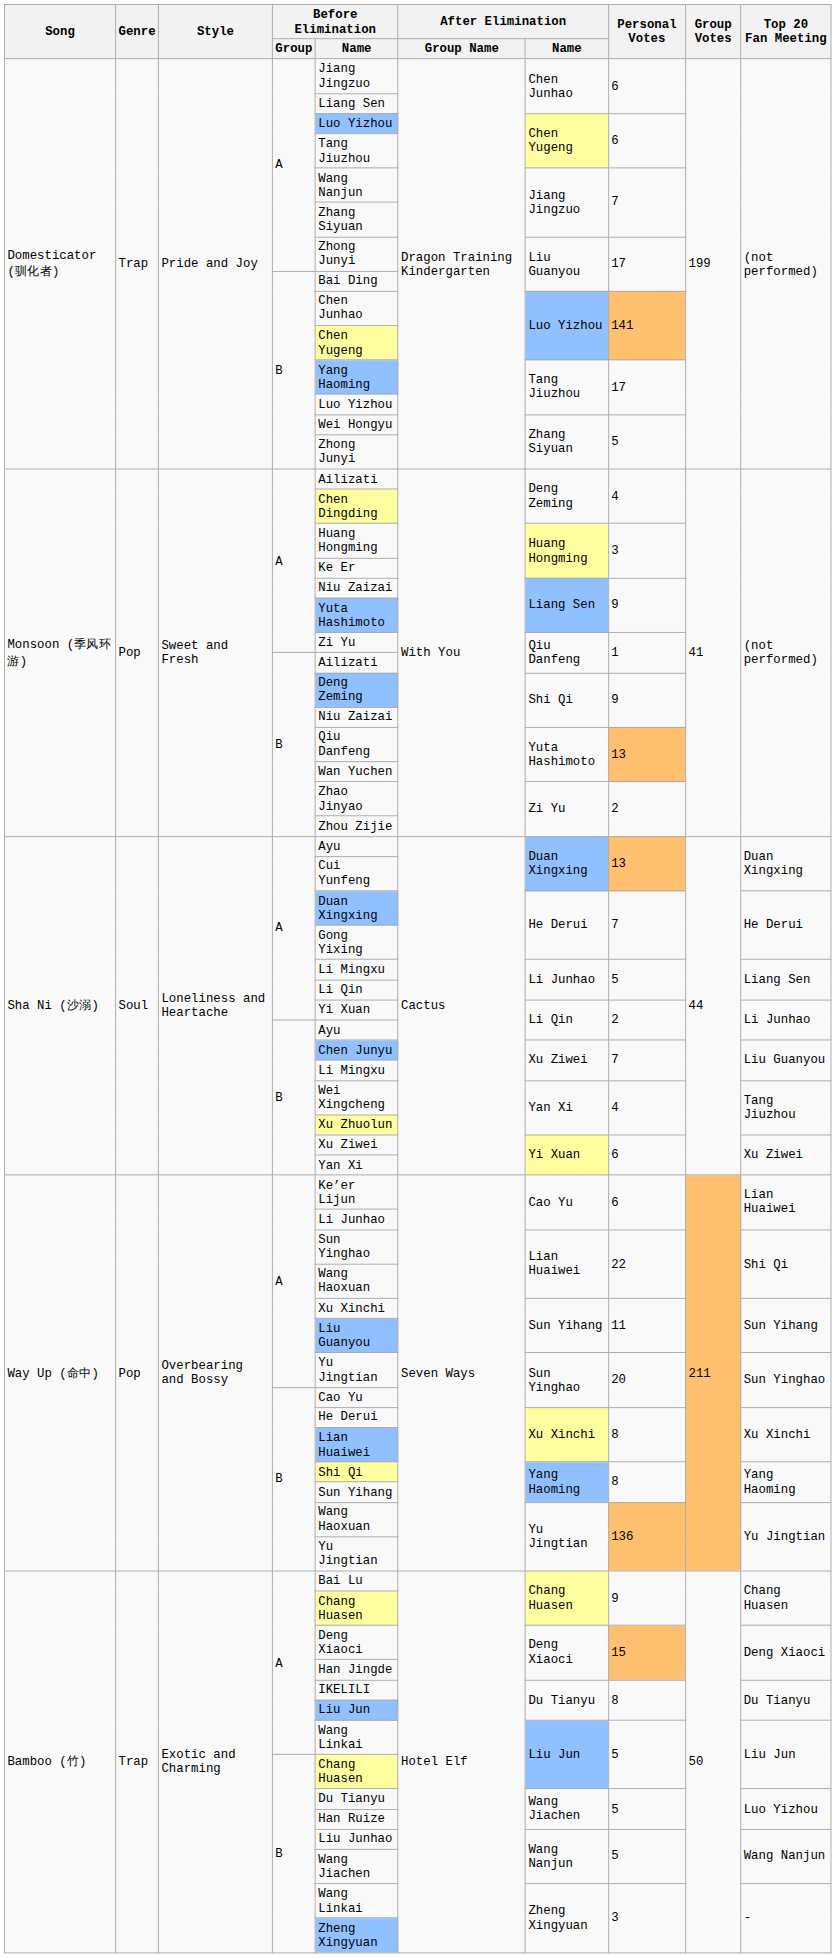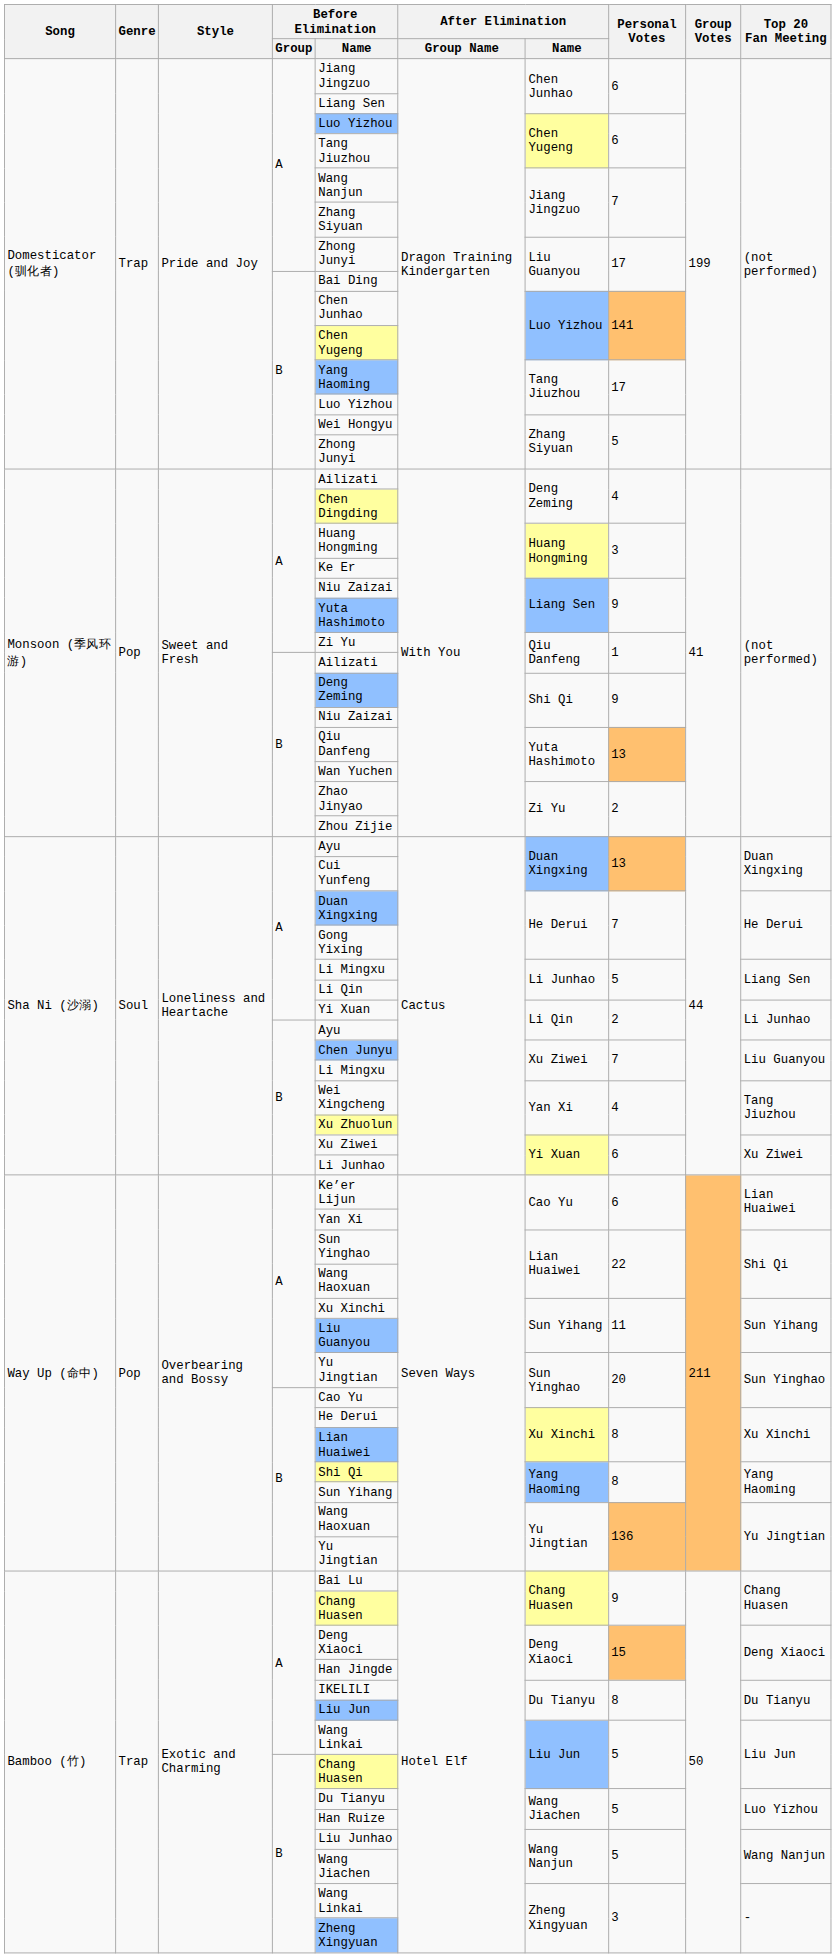 <table class="wikitable sortable mw-collapsible">
 <tr>
 <th rowspan="2">Song</th>
 <th rowspan="2">Genre</th>
 <th rowspan="2">Style</th>
 <th colspan="2">Before Elimination</th>
 <th colspan="2">After Elimination</th>
 <th rowspan="2">Personal Votes</th>
 <th rowspan="2">Group Votes</th>
 <th rowspan="2">Top 20<br>Fan Meeting</th>
 </tr>
 <tr>
 <th>Group</th>
 <th>Name</th>
 <th>Group Name</th>
 <th>Name</th>
 </tr>
 <tr>
 <td rowspan="14">Domesticator (驯化者)</td>
 <td rowspan="14">Trap</td>
 <td rowspan="14">Pride and Joy</td>
 <td rowspan="7">A</td>
 <td>Jiang Jingzuo</td>
 <td rowspan="14">Dragon Training Kindergarten</td>
 <td rowspan="2">Chen Junhao</td>
 <td rowspan="2">6</td>
 <td rowspan="14">199</td>
 <td rowspan="14">(not performed)</td>
 </tr>
 <tr>
 <td>Liang Sen</td>
 </tr>
 <tr>
 <td style="background:#90C0FF">Luo Yizhou</td>
 <td rowspan="2" style="background:#FFFF9F">Chen Yugeng</td>
 <td rowspan="2">6</td>
 </tr>
 <tr>
 <td>Tang Jiuzhou</td>
 </tr>
 <tr>
 <td>Wang Nanjun</td>
 <td rowspan="2">Jiang Jingzuo</td>
 <td rowspan="2">7</td>
 </tr>
 <tr>
 <td>Zhang Siyuan</td>
 </tr>
 <tr>
 <td>Zhong Junyi</td>
 <td rowspan="2">Liu Guanyou</td>
 <td rowspan="2">17</td>
 </tr>
 <tr>
 <td rowspan="7">B</td>
 <td>Bai Ding</td>
 </tr>
 <tr>
 <td>Chen Junhao</td>
 <td rowspan="2" style="background:#90C0FF">Luo Yizhou</td>
 <td rowspan="2" style="background:#FFC06F">141</td>
 </tr>
 <tr>
 <td style="background:#FFFF9F">Chen Yugeng</td>
 </tr>
 <tr>
 <td style="background:#90C0FF">Yang Haoming</td>
 <td rowspan="2">Tang Jiuzhou</td>
 <td rowspan="2">17</td>
 </tr>
 <tr>
 <td>Luo Yizhou</td>
 </tr>
 <tr>
 <td>Wei Hongyu</td>
 <td rowspan="2">Zhang Siyuan</td>
 <td rowspan="2">5</td>
 </tr>
 <tr>
 <td>Zhong Junyi</td>
 </tr>
 <tr>
 <td rowspan="14">Monsoon (季风环游)</td>
 <td rowspan="14">Pop</td>
 <td rowspan="14">Sweet and Fresh</td>
 <td rowspan="7">A</td>
 <td>Ailizati</td>
 <td rowspan="14">With You</td>
 <td rowspan="2">Deng Zeming</td>
 <td rowspan="2">4</td>
 <td rowspan="14">41</td>
 <td rowspan="14">(not performed)</td>
 </tr>
 <tr>
 <td style="background:#FFFF9F">Chen Dingding</td>
 </tr>
 <tr>
 <td>Huang Hongming</td>
 <td rowspan="2" style="background:#FFFF9F">Huang Hongming</td>
 <td rowspan="2">3</td>
 </tr>
 <tr>
 <td>Ke Er</td>
 </tr>
 <tr>
 <td>Niu Zaizai</td>
 <td rowspan="2" style="background:#90C0FF">Liang Sen</td>
 <td rowspan="2">9</td>
 </tr>
 <tr>
 <td style="background:#90C0FF">Yuta Hashimoto</td>
 </tr>
 <tr>
 <td>Zi Yu</td>
 <td rowspan="2">Qiu Danfeng</td>
 <td rowspan="2">1</td>
 </tr>
 <tr>
 <td rowspan="7">B</td>
 <td>Ailizati</td>
 </tr>
 <tr>
 <td style="background:#90C0FF">Deng Zeming</td>
 <td rowspan="2">Shi Qi</td>
 <td rowspan="2">9</td>
 </tr>
 <tr>
 <td>Niu Zaizai</td>
 </tr>
 <tr>
 <td>Qiu Danfeng</td>
 <td rowspan="2">Yuta Hashimoto</td>
 <td rowspan="2" style="background:#FFC06F">13</td>
 </tr>
 <tr>
 <td>Wan Yuchen</td>
 </tr>
 <tr>
 <td>Zhao Jinyao</td>
 <td rowspan="2">Zi Yu</td>
 <td rowspan="2">2</td>
 </tr>
 <tr>
 <td>Zhou Zijie</td>
 </tr>
 <tr>
 <td rowspan="14">Sha Ni (沙溺)</td>
 <td rowspan="14">Soul</td>
 <td rowspan="14">Loneliness and Heartache</td>
 <td rowspan="7">A</td>
 <td>Ayu</td>
 <td rowspan="14">Cactus</td>
 <td rowspan="2" style="background:#90C0FF">Duan Xingxing</td>
 <td rowspan="2" style="background:#FFC06F">13</td>
 <td rowspan="14">44</td>
 <td rowspan="2">Duan Xingxing</td>
 </tr>
 <tr>
 <td>Cui Yunfeng</td>
 </tr>
 <tr>
 <td style="background:#90C0FF">Duan Xingxing</td>
 <td rowspan="2">He Derui</td>
 <td rowspan="2">7</td>
 <td rowspan="2">He Derui</td>
 </tr>
 <tr>
 <td>Gong Yixing</td>
 </tr>
 <tr>
 <td>Li Mingxu</td>
 <td rowspan="2">Li Junhao</td>
 <td rowspan="2">5</td>
 <td rowspan="2">Liang Sen</td>
 </tr>
 <tr>
 <td>Li Qin</td>
 </tr>
 <tr>
 <td>Yi Xuan</td>
 <td rowspan="2">Li Qin</td>
 <td rowspan="2">2</td>
 <td rowspan="2">Li Junhao</td>
 </tr>
 <tr>
 <td rowspan="7">B</td>
 <td>Ayu</td>
 </tr>
 <tr>
 <td style="background:#90C0FF">Chen Junyu</td>
 <td rowspan="2">Xu Ziwei</td>
 <td rowspan="2">7</td>
 <td rowspan="2">Liu Guanyou</td>
 </tr>
 <tr>
 <td>Li Mingxu</td>
 </tr>
 <tr>
 <td>Wei Xingcheng</td>
 <td rowspan="2">Yan Xi</td>
 <td rowspan="2">4</td>
 <td rowspan="2">Tang Jiuzhou</td>
 </tr>
 <tr>
 <td style="background:#FFFF9F">Xu Zhuolun</td>
 </tr>
 <tr>
 <td>Xu Ziwei</td>
 <td rowspan="2" style="background:#FFFF9F">Yi Xuan</td>
 <td rowspan="2">6</td>
 <td rowspan="2">Xu Ziwei</td>
 </tr>
 <tr>
-<td>Yan Xi</td>
+<td>Li Junhao</td>
 </tr>
 <tr>
 <td rowspan="14">Way Up (命中)</td>
 <td rowspan="14">Pop</td>
 <td rowspan="14">Overbearing and Bossy</td>
 <td rowspan="7">A</td>
 <td>Ke’er Lijun</td>
 <td rowspan="14">Seven Ways</td>
 <td rowspan="2">Cao Yu</td>
 <td rowspan="2">6</td>
 <td rowspan="14" style="background:#FFC06F">211</td>
 <td rowspan="2">Lian Huaiwei</td>
 </tr>
 <tr>
-<td>Li Junhao</td>
+<td>Yan Xi</td>
 </tr>
 <tr>
 <td>Sun Yinghao</td>
 <td rowspan="2">Lian Huaiwei</td>
 <td rowspan="2">22</td>
 <td rowspan="2">Shi Qi</td>
 </tr>
 <tr>
 <td>Wang Haoxuan</td>
 </tr>
 <tr>
 <td>Xu Xinchi</td>
 <td rowspan="2">Sun Yihang</td>
 <td rowspan="2">11</td>
 <td rowspan="2">Sun Yihang</td>
 </tr>
 <tr>
 <td style="background:#90C0FF">Liu Guanyou</td>
 </tr>
 <tr>
 <td>Yu Jingtian</td>
 <td rowspan="2">Sun Yinghao</td>
 <td rowspan="2">20</td>
 <td rowspan="2">Sun Yinghao</td>
 </tr>
 <tr>
 <td rowspan="7">B</td>
 <td>Cao Yu</td>
 </tr>
 <tr>
 <td>He Derui</td>
 <td rowspan="2" style="background:#FFFF9F">Xu Xinchi</td>
 <td rowspan="2">8</td>
 <td rowspan="2">Xu Xinchi</td>
 </tr>
 <tr>
 <td style="background:#90C0FF">Lian Huaiwei</td>
 </tr>
 <tr>
 <td style="background:#FFFF9F">Shi Qi</td>
 <td rowspan="2" style="background:#90C0FF">Yang Haoming</td>
 <td rowspan="2">8</td>
 <td rowspan="2">Yang Haoming</td>
 </tr>
 <tr>
 <td>Sun Yihang</td>
 </tr>
 <tr>
 <td>Wang Haoxuan</td>
 <td rowspan="2">Yu Jingtian</td>
 <td rowspan="2" style="background:#FFC06F">136</td>
 <td rowspan="2">Yu Jingtian</td>
 </tr>
 <tr>
 <td>Yu Jingtian</td>
 </tr>
 <tr>
 <td rowspan="14">Bamboo (竹)</td>
 <td rowspan="14">Trap</td>
 <td rowspan="14">Exotic and Charming</td>
 <td rowspan="7">A</td>
 <td>Bai Lu</td>
 <td rowspan="14">Hotel Elf</td>
 <td rowspan="2" style="background:#FFFF9F">Chang Huasen</td>
 <td rowspan="2">9</td>
 <td rowspan="14">50</td>
 <td rowspan="2">Chang Huasen</td>
 </tr>
 <tr>
 <td style="background:#FFFF9F">Chang Huasen</td>
 </tr>
 <tr>
 <td>Deng Xiaoci</td>
 <td rowspan="2">Deng Xiaoci</td>
 <td rowspan="2" style="background:#FFC06F">15</td>
 <td rowspan="2">Deng Xiaoci</td>
 </tr>
 <tr>
 <td>Han Jingde</td>
 </tr>
 <tr>
 <td>IKELILI</td>
 <td rowspan="2">Du Tianyu</td>
 <td rowspan="2">8</td>
 <td rowspan="2">Du Tianyu</td>
 </tr>
 <tr>
 <td style="background:#90C0FF">Liu Jun</td>
 </tr>
 <tr>
 <td>Wang Linkai</td>
 <td rowspan="2" style="background:#90C0FF">Liu Jun</td>
 <td rowspan="2">5</td>
 <td rowspan="2">Liu Jun</td>
 </tr>
 <tr>
 <td rowspan="7">B</td>
 <td style="background:#FFFF9F">Chang Huasen</td>
 </tr>
 <tr>
 <td>Du Tianyu</td>
 <td rowspan="2">Wang Jiachen</td>
 <td rowspan="2">5</td>
 <td rowspan="2">Luo Yizhou</td>
 </tr>
 <tr>
 <td>Han Ruize</td>
 </tr>
 <tr>
 <td>Liu Junhao</td>
 <td rowspan="2">Wang Nanjun</td>
 <td rowspan="2">5</td>
 <td rowspan="2">Wang Nanjun</td>
 </tr>
 <tr>
 <td>Wang Jiachen</td>
 </tr>
 <tr>
 <td>Wang Linkai</td>
 <td rowspan="2">Zheng Xingyuan</td>
 <td rowspan="2">3</td>
 <td rowspan="2">-</td>
 </tr>
 <tr>
 <td style="background:#90C0FF">Zheng Xingyuan</td>
 </tr>
 </table>
